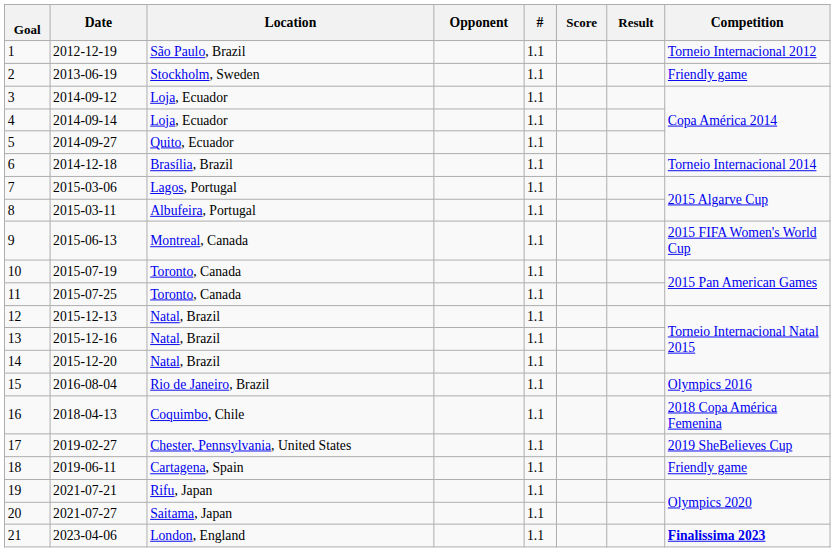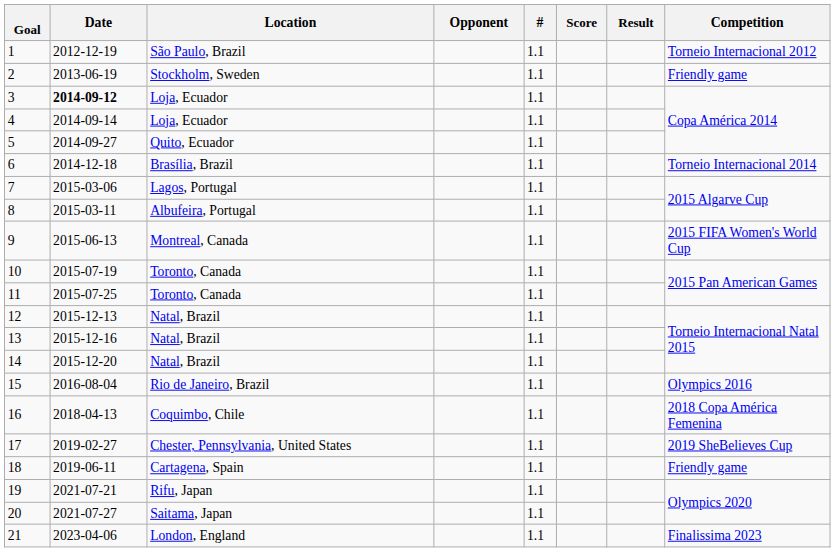 <table class="wikitable collapsible sortable" style="font-size:90%">
 <tr>
 <th data-sort-type="number" style="font-size:95%;"><br>Goal</th>
 <th>Date</th>
 <th>Location</th>
 <th>Opponent</th>
 <th>#</th>
 <th data-sort-type="number" style="font-size:95%;">Score</th>
 <th data-sort-type="number" style="font-size:95%;">Result</th>
 <th width="20%">Competition</th>
 </tr>
 <tr>
 <td> 1</td>
 <td>2012-12-19</td>
 <td> <a href='#'>São Paulo</a>, Brazil</td>
 <td></td>
 <td>1.1</td>
 <td></td>
 <td></td>
 <td><a href='#'>Torneio Internacional 2012</a></td>
 </tr>
 <tr>
 <td> 2</td>
 <td>2013-06-19</td>
 <td> <a href='#'>Stockholm</a>, Sweden</td>
 <td></td>
 <td>1.1</td>
 <td></td>
 <td></td>
 <td><a href='#'>Friendly game</a></td>
 </tr>
 <tr>
 <td> 3</td>
-<td>2014-09-12</td>
+<td><strong>2014-09-12</strong></td>
 <td> <a href='#'>Loja</a>, Ecuador</td>
 <td></td>
 <td>1.1</td>
 <td></td>
 <td></td>
 <td rowspan=3><a href='#'>Copa América 2014</a></td>
 </tr>
 <tr>
 <td> 4</td>
 <td>2014-09-14</td>
 <td> <a href='#'>Loja</a>, Ecuador</td>
 <td></td>
 <td>1.1</td>
 <td></td>
 <td></td>
 </tr>
 <tr>
 <td> 5</td>
 <td>2014-09-27</td>
 <td> <a href='#'>Quito</a>, Ecuador</td>
 <td></td>
 <td>1.1</td>
 <td></td>
 <td></td>
 </tr>
 <tr>
 <td> 6</td>
 <td>2014-12-18</td>
 <td> <a href='#'>Brasília</a>, Brazil</td>
 <td></td>
 <td>1.1</td>
 <td></td>
 <td></td>
 <td><a href='#'>Torneio Internacional 2014</a></td>
 </tr>
 <tr>
 <td> 7</td>
 <td>2015-03-06</td>
 <td> <a href='#'>Lagos</a>, Portugal</td>
 <td></td>
 <td>1.1</td>
 <td></td>
 <td></td>
 <td rowspan=2><a href='#'>2015 Algarve Cup</a></td>
 </tr>
 <tr>
 <td> 8</td>
 <td>2015-03-11</td>
 <td> <a href='#'>Albufeira</a>, Portugal</td>
 <td></td>
 <td>1.1</td>
 <td></td>
 <td></td>
 </tr>
 <tr>
 <td> 9</td>
 <td>2015-06-13</td>
 <td> <a href='#'>Montreal</a>, Canada</td>
 <td></td>
 <td>1.1</td>
 <td></td>
 <td></td>
 <td><a href='#'>2015 FIFA Women's World Cup</a></td>
 </tr>
 <tr>
 <td> 10</td>
 <td>2015-07-19</td>
 <td> <a href='#'>Toronto</a>, Canada</td>
 <td></td>
 <td>1.1</td>
 <td></td>
 <td></td>
 <td rowspan=2><a href='#'>2015 Pan American Games</a></td>
 </tr>
 <tr>
 <td> 11</td>
 <td>2015-07-25</td>
 <td> <a href='#'>Toronto</a>, Canada</td>
 <td></td>
 <td>1.1</td>
 <td></td>
 <td></td>
 </tr>
 <tr>
 <td> 12</td>
 <td>2015-12-13</td>
 <td> <a href='#'>Natal</a>, Brazil</td>
 <td></td>
 <td>1.1</td>
 <td></td>
 <td></td>
 <td rowspan=3><a href='#'>Torneio Internacional Natal 2015</a></td>
 </tr>
 <tr>
 <td> 13</td>
 <td>2015-12-16</td>
 <td> <a href='#'>Natal</a>, Brazil</td>
 <td></td>
 <td>1.1</td>
 <td></td>
 <td></td>
 </tr>
 <tr>
 <td> 14</td>
 <td>2015-12-20</td>
 <td> <a href='#'>Natal</a>, Brazil</td>
 <td></td>
 <td>1.1</td>
 <td></td>
 <td></td>
 </tr>
 <tr>
 <td> 15</td>
 <td>2016-08-04</td>
 <td> <a href='#'>Rio de Janeiro</a>, Brazil</td>
 <td></td>
 <td>1.1</td>
 <td></td>
 <td></td>
 <td><a href='#'>Olympics 2016</a></td>
 </tr>
 <tr>
 <td> 16</td>
 <td>2018-04-13</td>
 <td> <a href='#'>Coquimbo</a>, Chile</td>
 <td></td>
 <td>1.1</td>
 <td></td>
 <td></td>
 <td><a href='#'>2018 Copa América Femenina</a></td>
 </tr>
 <tr>
 <td> 17</td>
 <td>2019-02-27</td>
 <td> <a href='#'>Chester, Pennsylvania</a>, United States</td>
 <td></td>
 <td>1.1</td>
 <td></td>
 <td></td>
 <td><a href='#'>2019 SheBelieves Cup</a></td>
 </tr>
 <tr>
 <td> 18</td>
 <td>2019-06-11</td>
 <td> <a href='#'>Cartagena</a>, Spain</td>
 <td></td>
 <td>1.1</td>
 <td></td>
 <td></td>
 <td><a href='#'>Friendly game</a></td>
 </tr>
 <tr>
 <td> 19</td>
 <td>2021-07-21</td>
 <td> <a href='#'>Rifu</a>, Japan</td>
 <td></td>
 <td>1.1</td>
 <td></td>
 <td></td>
 <td rowspan=2><a href='#'>Olympics 2020</a></td>
 </tr>
 <tr>
 <td> 20</td>
 <td>2021-07-27</td>
 <td> <a href='#'>Saitama</a>, Japan</td>
 <td></td>
 <td>1.1</td>
 <td></td>
 <td></td>
 </tr>
 <tr>
 <td> 21</td>
 <td>2023-04-06</td>
 <td> <a href='#'>London</a>, England</td>
 <td></td>
 <td>1.1</td>
 <td></td>
 <td></td>
-<td><strong><a href='#'>Finalissima 2023</a></strong></td>
+<td><a href='#'>Finalissima 2023</a></td>
 </tr>
 </table>
